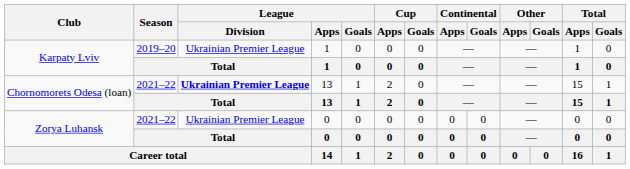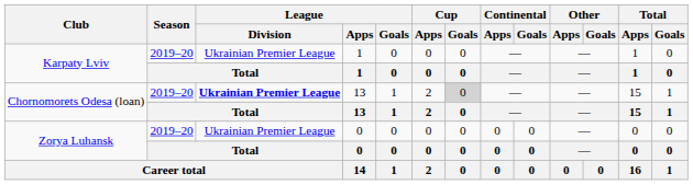 <table class="wikitable" style="text-align:center">
 <tr>
 <th rowspan="2">Club</th>
 <th rowspan="2">Season</th>
 <th colspan="3">League</th>
 <th colspan="2">Cup</th>
 <th colspan="2">Continental</th>
 <th colspan="2">Other</th>
 <th colspan="2">Total</th>
 </tr>
 <tr>
 <th>Division</th>
 <th>Apps</th>
 <th>Goals</th>
 <th>Apps</th>
 <th>Goals</th>
 <th>Apps</th>
 <th>Goals</th>
 <th>Apps</th>
 <th>Goals</th>
 <th>Apps</th>
 <th>Goals</th>
 </tr>
 <tr>
 <td rowspan="2"><a href='#'>Karpaty Lviv</a></td>
 <td><a href='#'>2019–20</a></td>
 <td><a href='#'>Ukrainian Premier League</a></td>
 <td>1</td>
 <td>0</td>
 <td>0</td>
 <td>0</td>
 <td colspan="2">—</td>
 <td colspan="2">—</td>
 <td>1</td>
 <td>0</td>
 </tr>
 <tr>
 <th colspan="2">Total</th>
 <th>1</th>
 <th>0</th>
 <th>0</th>
 <th>0</th>
 <th colspan="2">—</th>
 <th colspan="2">—</th>
 <th>1</th>
 <th>0</th>
 </tr>
 <tr>
 <td rowspan="2"><a href='#'>Chornomorets Odesa</a> (loan)</td>
-<td><a href='#'>2021–22</a></td>
+<td><a href='#'>2019–20</a></td>
 <td><strong><a href='#'>Ukrainian Premier League</a></strong></td>
 <td>13</td>
 <td>1</td>
 <td>2</td>
-<td>0</td>
+<td style="background: lightgrey;">0</td>
 <td colspan="2">—</td>
 <td colspan="2">—</td>
 <td>15</td>
 <td>1</td>
 </tr>
 <tr>
 <th colspan="2">Total</th>
 <th>13</th>
 <th>1</th>
 <th>2</th>
 <th>0</th>
 <th colspan="2">—</th>
 <th colspan="2">—</th>
 <th>15</th>
 <th>1</th>
 </tr>
 <tr>
 <td rowspan="2"><a href='#'>Zorya Luhansk</a></td>
-<td><a href='#'>2021–22</a></td>
+<td><a href='#'>2019–20</a></td>
 <td><a href='#'>Ukrainian Premier League</a></td>
 <td>0</td>
 <td>0</td>
 <td>0</td>
 <td>0</td>
 <td>0</td>
 <td>0</td>
 <td colspan="2">—</td>
 <td>0</td>
 <td>0</td>
 </tr>
 <tr>
 <th colspan="2">Total</th>
 <th>0</th>
 <th>0</th>
 <th>0</th>
 <th>0</th>
 <th>0</th>
 <th>0</th>
 <th colspan="2">—</th>
 <th>0</th>
 <th>0</th>
 </tr>
 <tr>
 <th colspan="3">Career total</th>
 <th>14</th>
 <th>1</th>
 <th>2</th>
 <th>0</th>
 <th>0</th>
 <th>0</th>
 <th>0</th>
 <th>0</th>
 <th>16</th>
 <th>1</th>
 </tr>
 </table>
